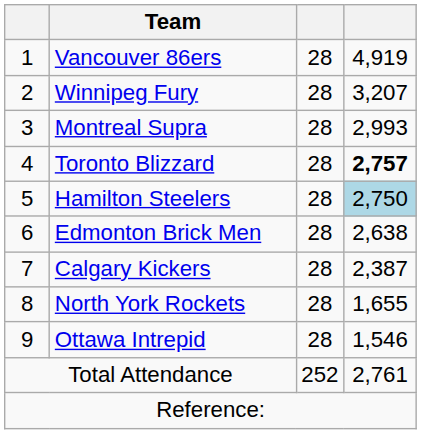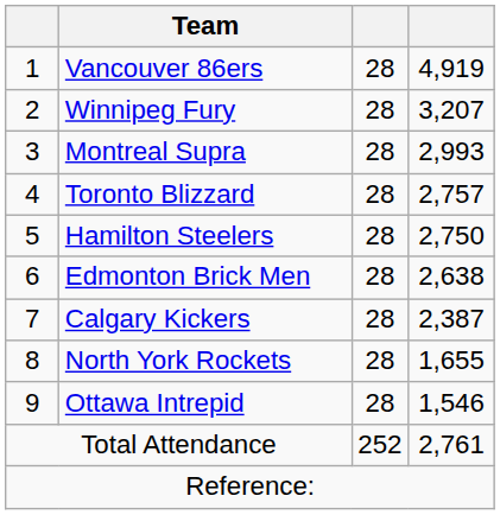 <table class="wikitable">
 <tr>
 <th width="25"></th>
 <th width="170">Team</th>
 <th></th>
 <th width="45"></th>
 </tr>
 <tr>
 <td align="center">1</td>
 <td><a href='#'>Vancouver 86ers</a></td>
 <td align="center">28</td>
 <td align="center">4,919</td>
 </tr>
 <tr>
 <td align="center">2</td>
 <td><a href='#'>Winnipeg Fury</a></td>
 <td align="center">28</td>
 <td align="center">3,207</td>
 </tr>
 <tr>
 <td align="center">3</td>
 <td><a href='#'>Montreal Supra</a></td>
 <td align="center">28</td>
 <td align="center">2,993</td>
 </tr>
 <tr>
 <td align="center">4</td>
 <td><a href='#'>Toronto Blizzard</a></td>
 <td align="center">28</td>
-<td align="center"><strong>2,757</strong></td>
+<td align="center">2,757</td>
 </tr>
 <tr>
 <td align="center">5</td>
 <td><a href='#'>Hamilton Steelers</a></td>
 <td align="center">28</td>
-<td align="center" style="background: lightblue;">2,750</td>
+<td align="center">2,750</td>
 </tr>
 <tr>
 <td align="center">6</td>
 <td><a href='#'>Edmonton Brick Men</a></td>
 <td align="center">28</td>
 <td align="center">2,638</td>
 </tr>
 <tr>
 <td align="center">7</td>
 <td><a href='#'>Calgary Kickers</a></td>
 <td align="center">28</td>
 <td align="center">2,387</td>
 </tr>
 <tr>
 <td align="center">8</td>
 <td><a href='#'>North York Rockets</a></td>
 <td align="center">28</td>
 <td align="center">1,655</td>
 </tr>
 <tr>
 <td align="center">9</td>
 <td><a href='#'>Ottawa Intrepid</a></td>
 <td align="center">28</td>
 <td align="center">1,546</td>
 </tr>
 <tr>
 <td colspan="2" align="center">Total Attendance</td>
 <td align="center">252</td>
 <td align="center">2,761</td>
 </tr>
 <tr>
 <td colspan="4" align="center">Reference:</td>
 </tr>
 </table>
